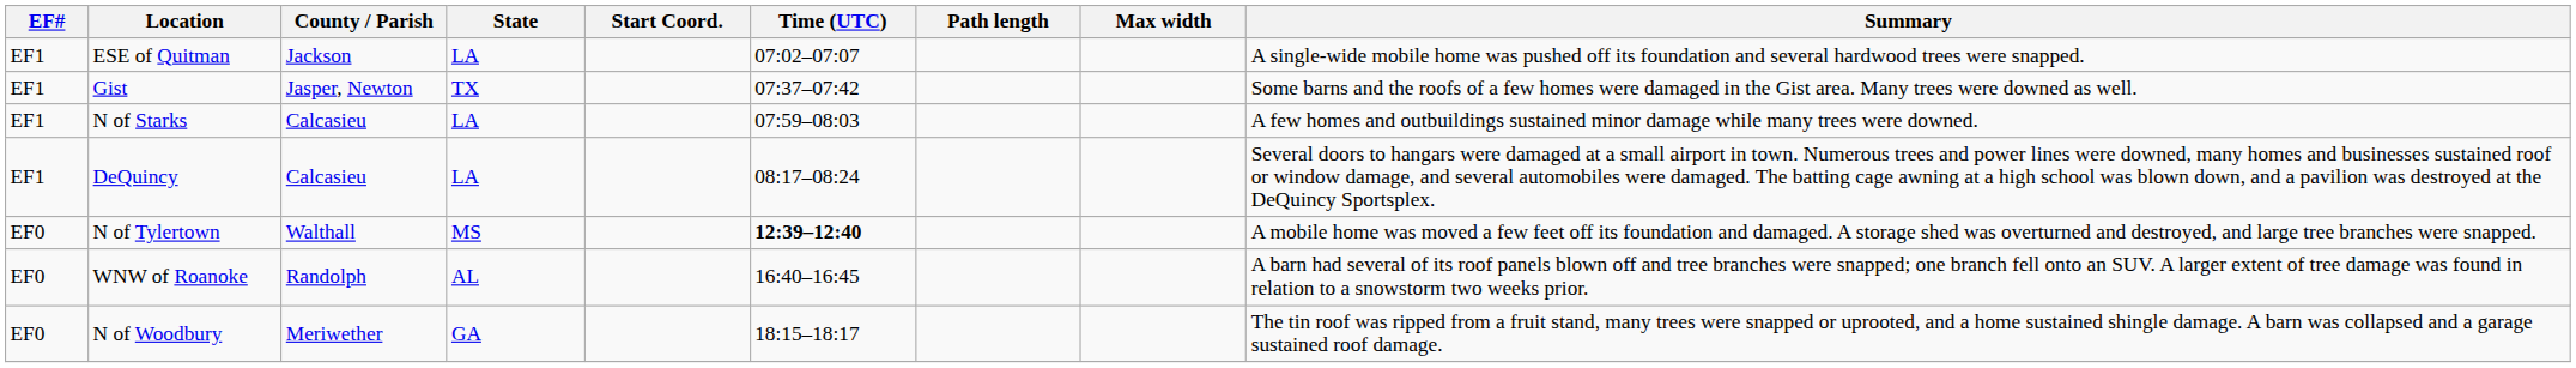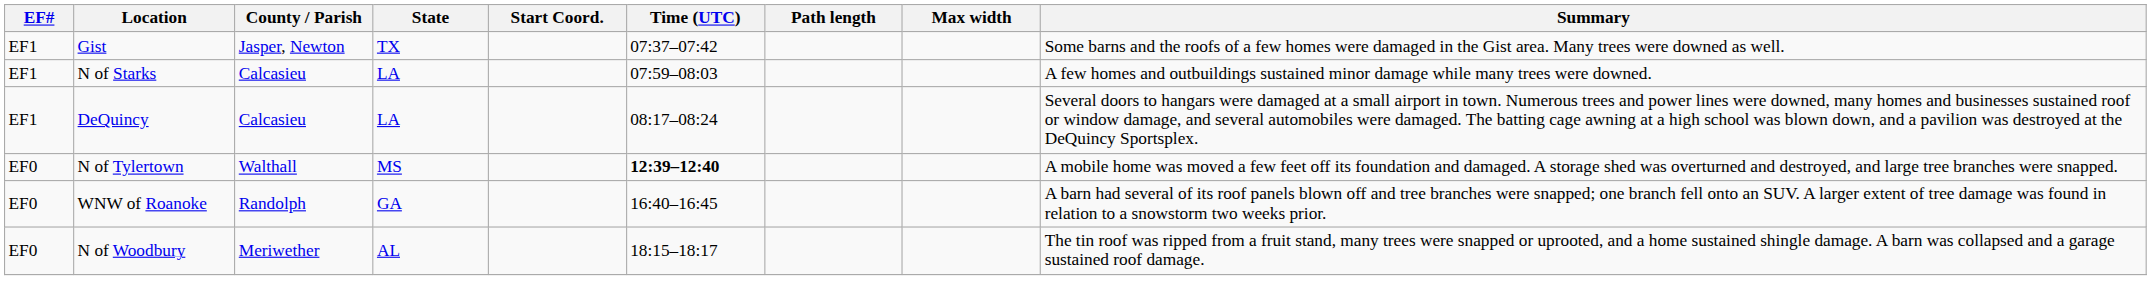 <table class="wikitable sortable" style="width:100%;">
 <tr>
 <th scope="col"  style="width:3%; text-align:center;"><a href='#'>EF#</a></th>
 <th scope="col"  style="width:7%; text-align:center;" class="unsortable">Location</th>
 <th scope="col"  style="width:6%; text-align:center;" class="unsortable">County / Parish</th>
 <th scope="col"  style="width:5%; text-align:center;">State</th>
 <th scope="col"  style="width:6%; text-align:center;">Start Coord.</th>
 <th scope="col"  style="width:6%; text-align:center;">Time (<a href='#'>UTC</a>)</th>
 <th scope="col"  style="width:6%; text-align:center;">Path length</th>
 <th scope="col"  style="width:6%; text-align:center;">Max width</th>
 <th scope="col" class="unsortable" style="width:48%; text-align:center;">Summary</th>
-</tr>
-<tr>
-<td>EF1</td>
-<td>ESE of <a href='#'>Quitman</a></td>
-<td><a href='#'>Jackson</a></td>
-<td><a href='#'>LA</a></td>
-<td></td>
-<td>07:02–07:07</td>
-<td></td>
-<td></td>
-<td>A single-wide mobile home was pushed off its foundation and several hardwood trees were snapped.</td>
 </tr>
 <tr>
 <td>EF1</td>
 <td><a href='#'>Gist</a></td>
 <td><a href='#'>Jasper</a>, <a href='#'>Newton</a></td>
 <td><a href='#'>TX</a></td>
 <td></td>
 <td>07:37–07:42</td>
 <td></td>
 <td></td>
 <td>Some barns and the roofs of a few homes were damaged in the Gist area. Many trees were downed as well.</td>
 </tr>
 <tr>
 <td>EF1</td>
 <td>N of <a href='#'>Starks</a></td>
 <td><a href='#'>Calcasieu</a></td>
 <td><a href='#'>LA</a></td>
 <td></td>
 <td>07:59–08:03</td>
 <td></td>
 <td></td>
 <td>A few homes and outbuildings sustained minor damage while many trees were downed.</td>
 </tr>
 <tr>
 <td>EF1</td>
 <td><a href='#'>DeQuincy</a></td>
 <td><a href='#'>Calcasieu</a></td>
 <td><a href='#'>LA</a></td>
 <td></td>
 <td>08:17–08:24</td>
 <td></td>
 <td></td>
 <td>Several doors to hangars were damaged at a small airport in town. Numerous trees and power lines were downed, many homes and businesses sustained roof or window damage, and several automobiles were damaged. The batting cage awning at a high school was blown down, and a pavilion was destroyed at the DeQuincy Sportsplex.</td>
 </tr>
 <tr>
 <td>EF0</td>
 <td>N of <a href='#'>Tylertown</a></td>
 <td><a href='#'>Walthall</a></td>
 <td><a href='#'>MS</a></td>
 <td></td>
 <td><strong>12:39–12:40</strong></td>
 <td></td>
 <td></td>
 <td>A mobile home was moved a few feet off its foundation and damaged. A storage shed was overturned and destroyed, and large tree branches were snapped.</td>
 </tr>
 <tr>
 <td>EF0</td>
 <td>WNW of <a href='#'>Roanoke</a></td>
 <td><a href='#'>Randolph</a></td>
-<td><a href='#'>AL</a></td>
+<td><a href='#'>GA</a></td>
 <td></td>
 <td>16:40–16:45</td>
 <td></td>
 <td></td>
 <td>A barn had several of its roof panels blown off and tree branches were snapped; one branch fell onto an SUV. A larger extent of tree damage was found in relation to a snowstorm two weeks prior.</td>
 </tr>
 <tr>
 <td>EF0</td>
 <td>N of <a href='#'>Woodbury</a></td>
 <td><a href='#'>Meriwether</a></td>
-<td><a href='#'>GA</a></td>
+<td><a href='#'>AL</a></td>
 <td></td>
 <td>18:15–18:17</td>
 <td></td>
 <td></td>
 <td>The tin roof was ripped from a fruit stand, many trees were snapped or uprooted, and a home sustained shingle damage. A barn was collapsed and a garage sustained roof damage.</td>
 </tr>
 <tr>
 </tr>
 </table>
